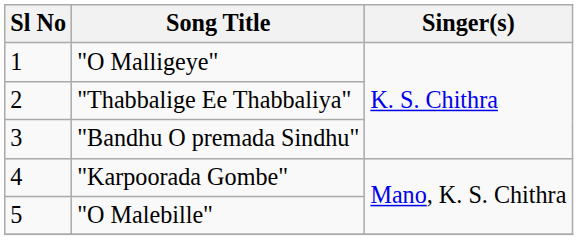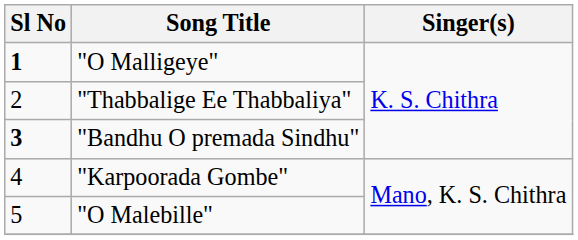 <table class="wikitable">
 <tr>
 <th>Sl No</th>
 <th>Song Title</th>
 <th>Singer(s)</th>
 </tr>
 <tr>
-<td>1</td>
+<td><strong>1</strong></td>
 <td>"O Malligeye"</td>
 <td rowspan=3><a href='#'>K. S. Chithra</a></td>
 </tr>
 <tr>
 <td>2</td>
 <td>"Thabbalige Ee Thabbaliya"</td>
 </tr>
 <tr>
-<td>3</td>
+<td><strong>3</strong></td>
 <td>"Bandhu O premada Sindhu"</td>
 </tr>
 <tr>
 <td>4</td>
 <td>"Karpoorada Gombe"</td>
 <td rowspan=2><a href='#'>Mano</a>, K. S. Chithra</td>
 </tr>
 <tr>
 <td>5</td>
 <td>"O Malebille"</td>
 </tr>
 <tr>
 </tr>
 </table>
